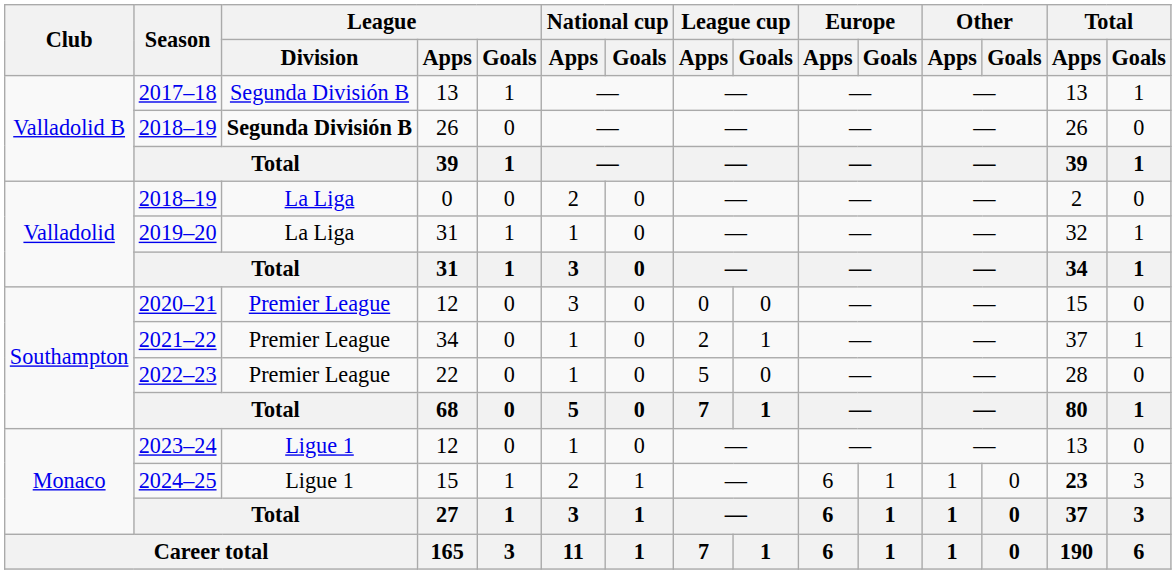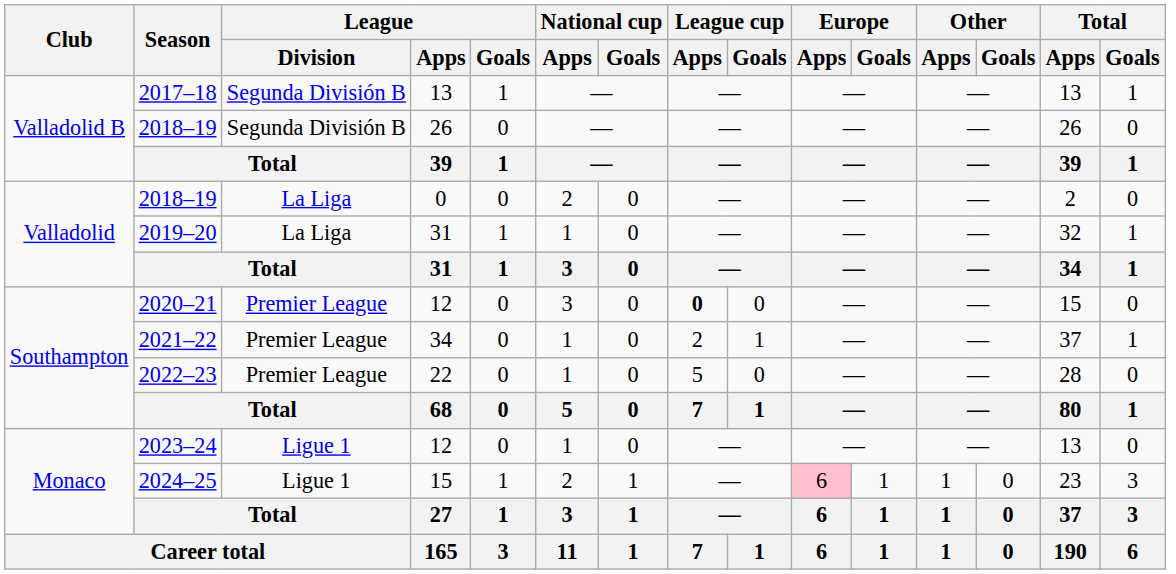 <table class="wikitable" style="text-align:center">
 <tr>
 <th rowspan="2">Club</th>
 <th rowspan="2">Season</th>
 <th colspan="3">League</th>
 <th colspan="2">National cup</th>
 <th colspan="2">League cup</th>
 <th colspan="2">Europe</th>
 <th colspan="2">Other</th>
 <th colspan="2">Total</th>
 </tr>
 <tr>
 <th>Division</th>
 <th>Apps</th>
 <th>Goals</th>
 <th>Apps</th>
 <th>Goals</th>
 <th>Apps</th>
 <th>Goals</th>
 <th>Apps</th>
 <th>Goals</th>
 <th>Apps</th>
 <th>Goals</th>
 <th>Apps</th>
 <th>Goals</th>
 </tr>
 <tr>
 <td rowspan="3" align=center valign=center><a href='#'>Valladolid B</a></td>
 <td><a href='#'>2017–18</a></td>
 <td><a href='#'>Segunda División B</a></td>
 <td>13</td>
 <td>1</td>
 <td colspan="2">—</td>
 <td colspan="2">—</td>
 <td colspan="2">—</td>
 <td colspan="2">—</td>
 <td>13</td>
 <td>1</td>
 </tr>
 <tr>
 <td><a href='#'>2018–19</a></td>
-<td><strong>Segunda División B</strong></td>
+<td>Segunda División B</td>
 <td>26</td>
 <td>0</td>
 <td colspan="2">—</td>
 <td colspan="2">—</td>
 <td colspan="2">—</td>
 <td colspan="2">—</td>
 <td>26</td>
 <td>0</td>
 </tr>
 <tr>
 <th colspan="2">Total</th>
 <th>39</th>
 <th>1</th>
 <th colspan="2">—</th>
 <th colspan="2">—</th>
 <th colspan="2">—</th>
 <th colspan="2">—</th>
 <th>39</th>
 <th>1</th>
 </tr>
 <tr>
 <td rowspan="3"><a href='#'>Valladolid</a></td>
 <td><a href='#'>2018–19</a></td>
 <td><a href='#'>La Liga</a></td>
 <td>0</td>
 <td>0</td>
 <td>2</td>
 <td>0</td>
 <td colspan="2">—</td>
 <td colspan="2">—</td>
 <td colspan="2">—</td>
 <td>2</td>
 <td>0</td>
 </tr>
 <tr>
 <td><a href='#'>2019–20</a></td>
 <td>La Liga</td>
 <td>31</td>
 <td>1</td>
 <td>1</td>
 <td>0</td>
 <td colspan="2">—</td>
 <td colspan="2">—</td>
 <td colspan="2">—</td>
 <td>32</td>
 <td>1</td>
 </tr>
 <tr>
 <th colspan="2">Total</th>
 <th>31</th>
 <th>1</th>
 <th>3</th>
 <th>0</th>
 <th colspan="2">—</th>
 <th colspan="2">—</th>
 <th colspan="2">—</th>
 <th>34</th>
 <th>1</th>
 </tr>
 <tr>
 <td rowspan="4"><a href='#'>Southampton</a></td>
 <td><a href='#'>2020–21</a></td>
 <td><a href='#'>Premier League</a></td>
 <td>12</td>
 <td>0</td>
 <td>3</td>
 <td>0</td>
-<td>0</td>
+<td><strong>0</strong></td>
 <td>0</td>
 <td colspan="2">—</td>
 <td colspan="2">—</td>
 <td>15</td>
 <td>0</td>
 </tr>
 <tr>
 <td><a href='#'>2021–22</a></td>
 <td>Premier League</td>
 <td>34</td>
 <td>0</td>
 <td>1</td>
 <td>0</td>
 <td>2</td>
 <td>1</td>
 <td colspan="2">—</td>
 <td colspan="2">—</td>
 <td>37</td>
 <td>1</td>
 </tr>
 <tr>
 <td><a href='#'>2022–23</a></td>
 <td>Premier League</td>
 <td>22</td>
 <td>0</td>
 <td>1</td>
 <td>0</td>
 <td>5</td>
 <td>0</td>
 <td colspan="2">—</td>
 <td colspan="2">—</td>
 <td>28</td>
 <td>0</td>
 </tr>
 <tr>
 <th colspan="2">Total</th>
 <th>68</th>
 <th>0</th>
 <th>5</th>
 <th>0</th>
 <th>7</th>
 <th>1</th>
 <th colspan="2">—</th>
 <th colspan="2">—</th>
 <th>80</th>
 <th>1</th>
 </tr>
 <tr>
 <td rowspan="3"><a href='#'>Monaco</a></td>
 <td><a href='#'>2023–24</a></td>
 <td><a href='#'>Ligue 1</a></td>
 <td>12</td>
 <td>0</td>
 <td>1</td>
 <td>0</td>
 <td colspan="2">—</td>
 <td colspan="2">—</td>
 <td colspan="2">—</td>
 <td>13</td>
 <td>0</td>
 </tr>
 <tr>
 <td><a href='#'>2024–25</a></td>
 <td>Ligue 1</td>
 <td>15</td>
 <td>1</td>
 <td>2</td>
 <td>1</td>
 <td colspan="2">—</td>
-<td>6</td>
+<td style="background: pink;">6</td>
 <td>1</td>
 <td>1</td>
 <td>0</td>
-<td><strong>23</strong></td>
+<td>23</td>
 <td>3</td>
 </tr>
 <tr>
 <th colspan="2">Total</th>
 <th>27</th>
 <th>1</th>
 <th>3</th>
 <th>1</th>
 <th colspan="2">—</th>
 <th>6</th>
 <th>1</th>
 <th>1</th>
 <th>0</th>
 <th>37</th>
 <th>3</th>
 </tr>
 <tr>
 <th colspan="3">Career total</th>
 <th>165</th>
 <th>3</th>
 <th>11</th>
 <th>1</th>
 <th>7</th>
 <th>1</th>
 <th>6</th>
 <th>1</th>
 <th>1</th>
 <th>0</th>
 <th>190</th>
 <th>6</th>
 </tr>
 </table>
